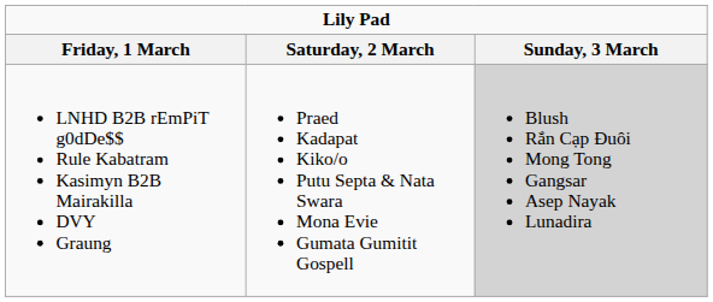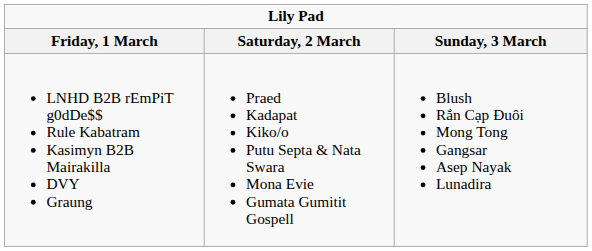 <table class="wikitable">
 <tr>
 <td colspan="4" align="center"><strong>Lily Pad</strong></td>
 </tr>
 <tr>
 <th width="500">Friday, 1 March</th>
 <th width="500">Saturday, 2 March</th>
 <th width="500">Sunday, 3 March</th>
 </tr>
 <tr valign="top">
 <td><br><ul><li>LNHD B2B rEmPiT g0dDe$$</li><li>Rule Kabatram</li><li>Kasimyn B2B Mairakilla</li><li>DVY</li><li>Graung</li></ul></td>
 <td><br><ul><li>Praed</li><li>Kadapat</li><li>Kiko/o</li><li>Putu Septa & Nata Swara</li><li>Mona Evie</li><li>Gumata Gumitit Gospell</li></ul></td>
-<td style="background: lightgrey;"><br><ul><li>Blush</li><li>Rắn Cạp Đuôi</li><li>Mong Tong</li><li>Gangsar</li><li>Asep Nayak</li><li>Lunadira</li></ul></td>
+<td><br><ul><li>Blush</li><li>Rắn Cạp Đuôi</li><li>Mong Tong</li><li>Gangsar</li><li>Asep Nayak</li><li>Lunadira</li></ul></td>
 </tr>
 </table>
